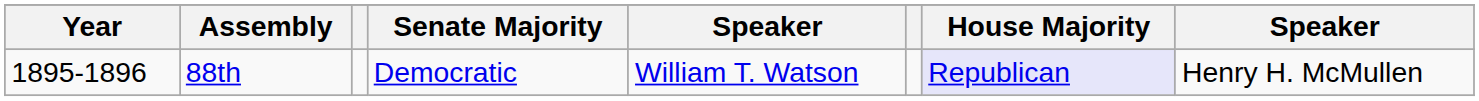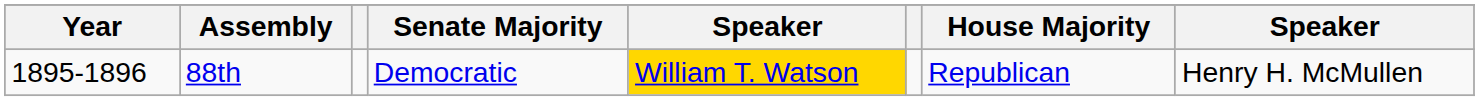 <table class=wikitable style="width: 94%" style="text-align: center;" align="center">
 <tr>
 </tr>
 <tr>
 <th>Year</th>
 <th>Assembly</th>
 <th></th>
 <th>Senate Majority</th>
 <th>Speaker</th>
 <th></th>
 <th>House Majority</th>
 <th>Speaker</th>
 </tr>
 <tr>
 <td>1895-1896</td>
 <td><a href='#'>88th</a></td>
 <td></td>
 <td><a href='#'>Democratic</a></td>
-<td><a href='#'>William T. Watson</a></td>
+<td style="background: gold;"><a href='#'>William T. Watson</a></td>
 <td></td>
-<td style="background: lavender;"><a href='#'>Republican</a></td>
+<td><a href='#'>Republican</a></td>
 <td>Henry H. McMullen</td>
 </tr>
 </table>
